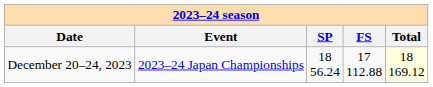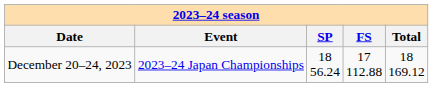 <table class="wikitable">
 <tr>
 <th colspan="5" style="background-color: #ffdead; " align="center"><a href='#'>2023–24 season</a></th>
 </tr>
 <tr>
 <th>Date</th>
 <th>Event</th>
 <th><a href='#'>SP</a></th>
 <th><a href='#'>FS</a></th>
 <th>Total</th>
 </tr>
 <tr>
 <td>December 20–24, 2023</td>
 <td><a href='#'>2023–24 Japan Championships</a></td>
 <td align=center>18 <br> 56.24</td>
 <td align=center>17 <br> 112.88</td>
-<td align=center style="background: lightyellow;">18 <br> 169.12</td>
+<td align=center>18 <br> 169.12</td>
 </tr>
 </table>
